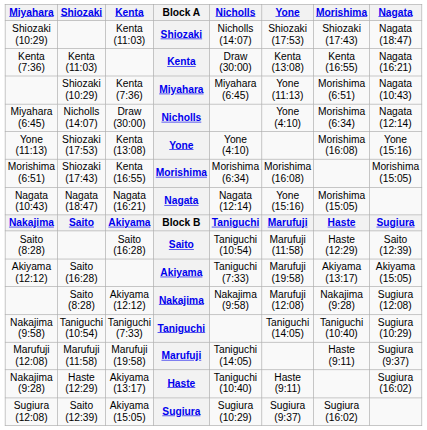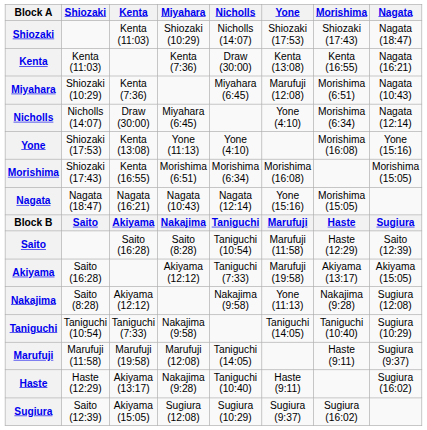 <table class="wikitable" style="margin: 1em auto 1em auto;text-align:center">
 <tr>
-<th><a href='#'>Miyahara</a></th>
+<th>Block A</th>
 <th><a href='#'>Shiozaki</a></th>
 <th><a href='#'>Kenta</a></th>
-<th>Block A</th>
+<th><a href='#'>Miyahara</a></th>
 <th><a href='#'>Nicholls</a></th>
 <th><a href='#'>Yone</a></th>
 <th><a href='#'>Morishima</a></th>
 <th><a href='#'>Nagata</a></th>
 </tr>
 <tr>
-<td>Shiozaki<br>(10:29)</td>
+<th><a href='#'>Shiozaki</a></th>
 <td></td>
 <td>Kenta<br>(11:03)</td>
-<th><a href='#'>Shiozaki</a></th>
+<td>Shiozaki<br>(10:29)</td>
 <td>Nicholls<br>(14:07)</td>
 <td>Shiozaki<br>(17:53)</td>
 <td>Shiozaki<br>(17:43)</td>
 <td>Nagata<br>(18:47)</td>
 </tr>
 <tr>
-<td>Kenta<br>(7:36)</td>
+<th><a href='#'>Kenta</a></th>
 <td>Kenta<br>(11:03)</td>
 <td></td>
-<th><a href='#'>Kenta</a></th>
+<td>Kenta<br>(7:36)</td>
 <td>Draw<br>(30:00)</td>
 <td>Kenta<br>(13:08)</td>
 <td>Kenta<br>(16:55)</td>
 <td>Nagata<br>(16:21)</td>
 </tr>
 <tr>
-<td></td>
+<th><a href='#'>Miyahara</a></th>
 <td>Shiozaki<br>(10:29)</td>
 <td>Kenta<br>(7:36)</td>
-<th><a href='#'>Miyahara</a></th>
+<td></td>
 <td>Miyahara<br>(6:45)</td>
-<td>Yone<br>(11:13)</td>
+<td>Marufuji<br>(12:08)</td>
 <td>Morishima<br>(6:51)</td>
 <td>Nagata<br>(10:43)</td>
 </tr>
 <tr>
-<td>Miyahara<br>(6:45)</td>
+<th><a href='#'>Nicholls</a></th>
 <td>Nicholls<br>(14:07)</td>
 <td>Draw<br>(30:00)</td>
-<th><a href='#'>Nicholls</a></th>
+<td>Miyahara<br>(6:45)</td>
 <td></td>
 <td>Yone<br>(4:10)</td>
 <td>Morishima<br>(6:34)</td>
 <td>Nagata<br>(12:14)</td>
 </tr>
 <tr>
-<td>Yone<br>(11:13)</td>
+<th><a href='#'>Yone</a></th>
 <td>Shiozaki<br>(17:53)</td>
 <td>Kenta<br>(13:08)</td>
-<th><a href='#'>Yone</a></th>
+<td>Yone<br>(11:13)</td>
 <td>Yone<br>(4:10)</td>
 <td></td>
 <td>Morishima<br>(16:08)</td>
 <td>Yone<br>(15:16)</td>
 </tr>
 <tr>
-<td>Morishima<br>(6:51)</td>
+<th><a href='#'>Morishima</a></th>
 <td>Shiozaki<br>(17:43)</td>
 <td>Kenta<br>(16:55)</td>
-<th><a href='#'>Morishima</a></th>
+<td>Morishima<br>(6:51)</td>
 <td>Morishima<br>(6:34)</td>
 <td>Morishima<br>(16:08)</td>
 <td></td>
 <td>Morishima<br>(15:05)</td>
 </tr>
 <tr>
-<td>Nagata<br>(10:43)</td>
+<th><a href='#'>Nagata</a></th>
 <td>Nagata<br>(18:47)</td>
 <td>Nagata<br>(16:21)</td>
-<th><a href='#'>Nagata</a></th>
+<td>Nagata<br>(10:43)</td>
 <td>Nagata<br>(12:14)</td>
 <td>Yone<br>(15:16)</td>
 <td>Morishima<br>(15:05)</td>
 <td></td>
 </tr>
 <tr>
-<th><a href='#'>Nakajima</a></th>
+<th>Block B</th>
 <th><a href='#'>Saito</a></th>
 <th><a href='#'>Akiyama</a></th>
-<th>Block B</th>
+<th><a href='#'>Nakajima</a></th>
 <th><a href='#'>Taniguchi</a></th>
 <th><a href='#'>Marufuji</a></th>
 <th><a href='#'>Haste</a></th>
 <th><a href='#'>Sugiura</a></th>
 </tr>
 <tr>
-<td>Saito<br>(8:28)</td>
+<th><a href='#'>Saito</a></th>
 <td></td>
 <td>Saito<br>(16:28)</td>
-<th><a href='#'>Saito</a></th>
+<td>Saito<br>(8:28)</td>
 <td>Taniguchi<br>(10:54)</td>
 <td>Marufuji<br>(11:58)</td>
 <td>Haste<br>(12:29)</td>
 <td>Saito<br>(12:39)</td>
 </tr>
 <tr>
-<td>Akiyama<br>(12:12)</td>
+<th><a href='#'>Akiyama</a></th>
 <td>Saito<br>(16:28)</td>
 <td></td>
-<th><a href='#'>Akiyama</a></th>
+<td>Akiyama<br>(12:12)</td>
 <td>Taniguchi<br>(7:33)</td>
 <td>Marufuji<br>(19:58)</td>
 <td>Akiyama<br>(13:17)</td>
 <td>Akiyama<br>(15:05)</td>
 </tr>
 <tr>
-<td></td>
+<th><a href='#'>Nakajima</a></th>
 <td>Saito<br>(8:28)</td>
 <td>Akiyama<br>(12:12)</td>
-<th><a href='#'>Nakajima</a></th>
+<td></td>
 <td>Nakajima<br>(9:58)</td>
-<td>Marufuji<br>(12:08)</td>
+<td>Yone<br>(11:13)</td>
 <td>Nakajima<br>(9:28)</td>
 <td>Sugiura<br>(12:08)</td>
 </tr>
 <tr>
-<td>Nakajima<br>(9:58)</td>
+<th><a href='#'>Taniguchi</a></th>
 <td>Taniguchi<br>(10:54)</td>
 <td>Taniguchi<br>(7:33)</td>
-<th><a href='#'>Taniguchi</a></th>
+<td>Nakajima<br>(9:58)</td>
 <td></td>
 <td>Taniguchi<br>(14:05)</td>
 <td>Taniguchi<br>(10:40)</td>
 <td>Sugiura<br>(10:29)</td>
 </tr>
 <tr>
-<td>Marufuji<br>(12:08)</td>
+<th><a href='#'>Marufuji</a></th>
 <td>Marufuji<br>(11:58)</td>
 <td>Marufuji<br>(19:58)</td>
-<th><a href='#'>Marufuji</a></th>
+<td>Marufuji<br>(12:08)</td>
 <td>Taniguchi<br>(14:05)</td>
 <td></td>
 <td>Haste<br>(9:11)</td>
 <td>Sugiura<br>(9:37)</td>
 </tr>
 <tr>
-<td>Nakajima<br>(9:28)</td>
+<th><a href='#'>Haste</a></th>
 <td>Haste<br>(12:29)</td>
 <td>Akiyama<br>(13:17)</td>
-<th><a href='#'>Haste</a></th>
+<td>Nakajima<br>(9:28)</td>
 <td>Taniguchi<br>(10:40)</td>
 <td>Haste<br>(9:11)</td>
 <td></td>
 <td>Sugiura<br>(16:02)</td>
 </tr>
 <tr>
-<td>Sugiura<br>(12:08)</td>
+<th><a href='#'>Sugiura</a></th>
 <td>Saito<br>(12:39)</td>
 <td>Akiyama<br>(15:05)</td>
-<th><a href='#'>Sugiura</a></th>
+<td>Sugiura<br>(12:08)</td>
 <td>Sugiura<br>(10:29)</td>
 <td>Sugiura<br>(9:37)</td>
 <td>Sugiura<br>(16:02)</td>
 <td></td>
 </tr>
 </table>
